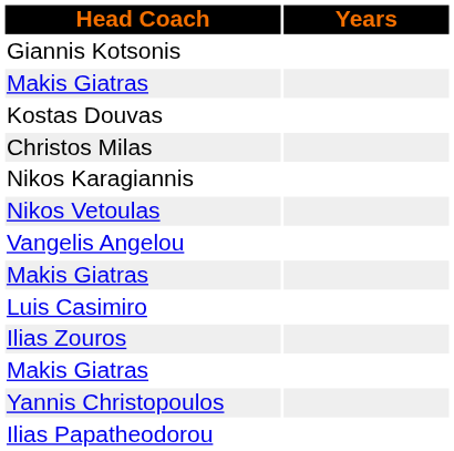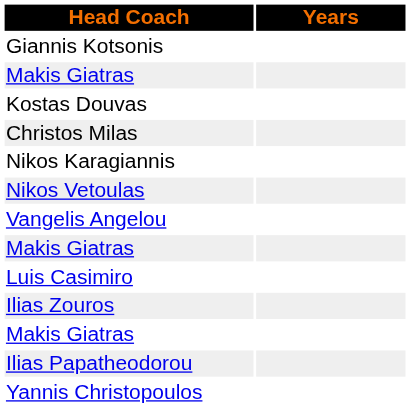 <table>
 <tr style="color:#F36F01; background:black;">
 <th width="50%">Head Coach</th>
 <th width="30%">Years</th>
 </tr>
 <tr>
 <td> Giannis Kotsonis</td>
 <td></td>
 </tr>
 <tr bgcolor="#EFEFEF">
 <td> <a href='#'>Makis Giatras</a></td>
 <td></td>
 </tr>
 <tr>
 <td> Kostas Douvas</td>
 <td></td>
 </tr>
 <tr bgcolor="#EFEFEF">
 <td> Christos Milas</td>
 <td></td>
 </tr>
 <tr>
 <td> Nikos Karagiannis</td>
 <td></td>
 </tr>
 <tr bgcolor="#EFEFEF">
 <td> <a href='#'>Nikos Vetoulas</a></td>
 <td></td>
 </tr>
 <tr>
 <td> <a href='#'>Vangelis Angelou</a></td>
 <td></td>
 </tr>
 <tr bgcolor="#EFEFEF">
 <td> <a href='#'>Makis Giatras</a></td>
 <td></td>
 </tr>
 <tr>
 <td> <a href='#'>Luis Casimiro</a></td>
 <td></td>
 </tr>
 <tr bgcolor="#EFEFEF">
 <td> <a href='#'>Ilias Zouros</a></td>
 <td></td>
 </tr>
 <tr>
 <td> <a href='#'>Makis Giatras</a></td>
 <td></td>
 </tr>
 <tr bgcolor="#EFEFEF">
-<td> <a href='#'>Yannis Christopoulos</a></td>
+<td> <a href='#'>Ilias Papatheodorou</a></td>
 <td></td>
 </tr>
 <tr>
-<td> <a href='#'>Ilias Papatheodorou</a></td>
+<td> <a href='#'>Yannis Christopoulos</a></td>
 <td></td>
 </tr>
 <tr bgcolor="#EFEFEF">
 </tr>
 </table>
